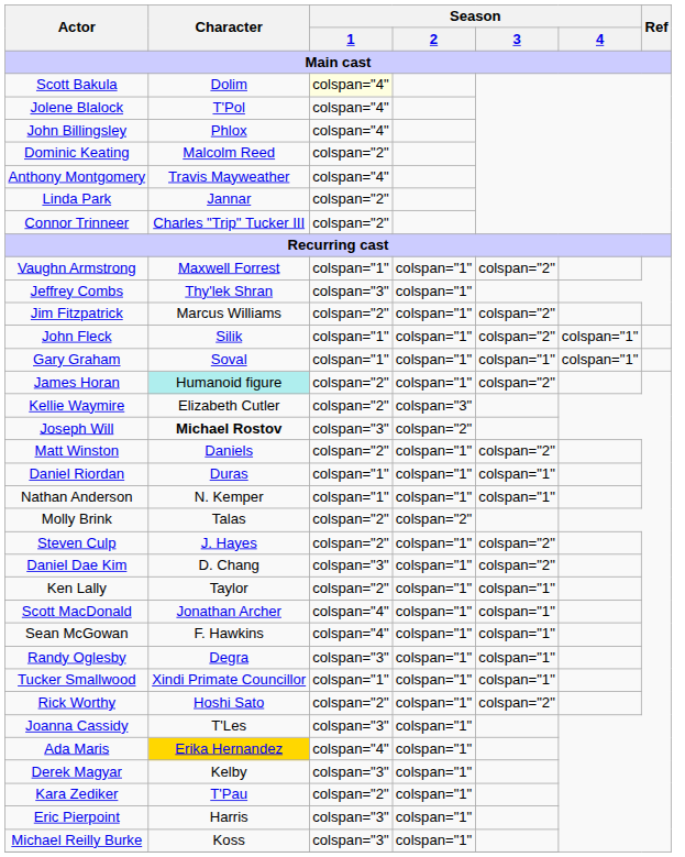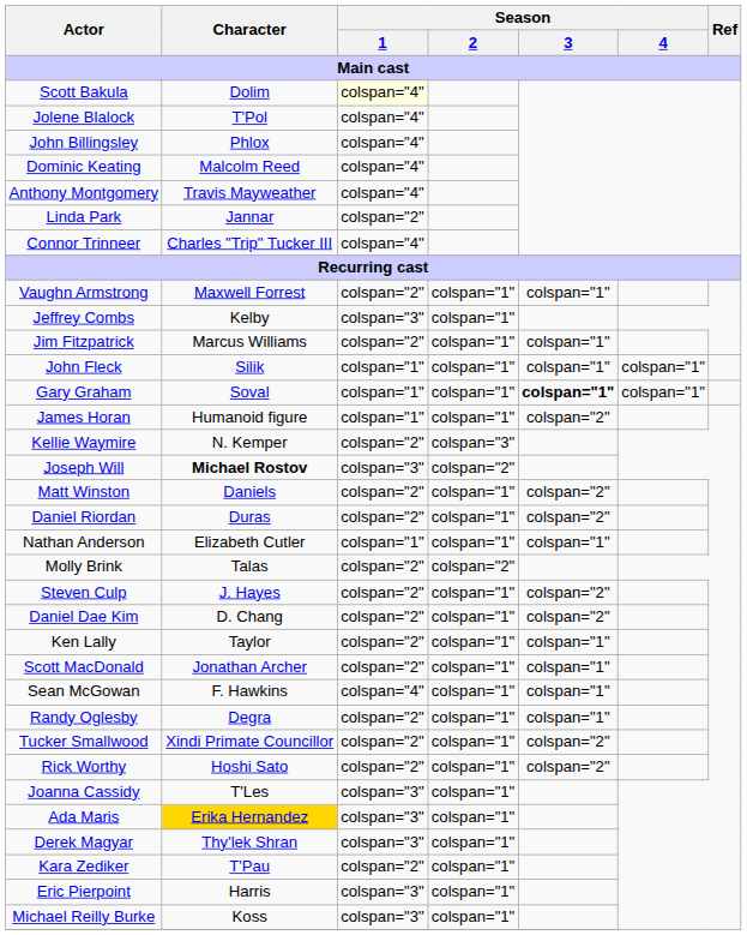 <table class="wikitable plainrowheaders" style="text-align:center;">
 <tr>
 <th scope="col" rowspan="2">Actor</th>
 <th scope="col" rowspan="2">Character</th>
 <th scope="col" colspan="4">Season</th>
 <th rowspan="2" scope="col">Ref</th>
 </tr>
 <tr>
 <th scope="col"><a href='#'>1</a></th>
 <th scope="col"><a href='#'>2</a></th>
 <th scope="col"><a href='#'>3</a></th>
 <th scope="col"><a href='#'>4</a></th>
 </tr>
 <tr>
 <td scope="row" colspan="10" style="background-color:#ccccff;"><strong>Main cast</strong></td>
 </tr>
 <tr>
 <td><a href='#'>Scott Bakula</a></td>
 <td><a href='#'>Dolim</a></td>
 <td style="background: lightyellow;">colspan="4" </td>
 <td></td>
 </tr>
 <tr>
 <td><a href='#'>Jolene Blalock</a></td>
 <td><a href='#'>T'Pol</a></td>
 <td>colspan="4" </td>
 <td></td>
 </tr>
 <tr>
 <td><a href='#'>John Billingsley</a></td>
 <td><a href='#'>Phlox</a></td>
 <td>colspan="4" </td>
 <td></td>
 </tr>
 <tr>
 <td><a href='#'>Dominic Keating</a></td>
 <td><a href='#'>Malcolm Reed</a></td>
-<td>colspan="2" </td>
+<td>colspan="4" </td>
 <td></td>
 </tr>
 <tr>
 <td><a href='#'>Anthony Montgomery</a></td>
 <td><a href='#'>Travis Mayweather</a></td>
 <td>colspan="4" </td>
 <td></td>
 </tr>
 <tr>
 <td><a href='#'>Linda Park</a></td>
 <td><a href='#'>Jannar</a></td>
 <td>colspan="2" </td>
 <td></td>
 </tr>
 <tr>
 <td><a href='#'>Connor Trinneer</a></td>
 <td><a href='#'>Charles "Trip" Tucker III</a></td>
-<td>colspan="2" </td>
+<td>colspan="4" </td>
 <td></td>
 </tr>
 <tr>
 <td scope="row" colspan="10" style="background-color:#ccccff;"><strong>Recurring cast</strong></td>
 </tr>
 <tr>
 <td><a href='#'>Vaughn Armstrong</a></td>
 <td><a href='#'>Maxwell Forrest</a></td>
+<td>colspan="2" </td>
 <td>colspan="1" </td>
 <td>colspan="1" </td>
-<td>colspan="2" </td>
 <td></td>
 </tr>
 <tr>
 <td><a href='#'>Jeffrey Combs</a></td>
-<td><a href='#'>Thy'lek Shran</a></td>
+<td>Kelby</td>
 <td>colspan="3" </td>
 <td>colspan="1" </td>
 <td></td>
 </tr>
 <tr>
 <td><a href='#'>Jim Fitzpatrick</a></td>
 <td>Marcus Williams</td>
 <td>colspan="2" </td>
 <td>colspan="1" </td>
-<td>colspan="2" </td>
+<td>colspan="1" </td>
 <td></td>
 </tr>
 <tr>
 <td><a href='#'>John Fleck</a></td>
 <td><a href='#'>Silik</a></td>
 <td>colspan="1" </td>
 <td>colspan="1" </td>
-<td>colspan="2" </td>
+<td>colspan="1" </td>
 <td>colspan="1" </td>
 <td></td>
 </tr>
 <tr>
 <td><a href='#'>Gary Graham</a></td>
 <td><a href='#'>Soval</a></td>
 <td>colspan="1" </td>
 <td>colspan="1" </td>
-<td>colspan="1" </td>
+<td><strong>colspan="1" </strong></td>
 <td>colspan="1" </td>
 <td></td>
 </tr>
 <tr>
 <td><a href='#'>James Horan</a></td>
-<td style="background: paleturquoise;">Humanoid figure</td>
-<td>colspan="2" </td>
+<td>Humanoid figure</td>
+<td>colspan="1" </td>
 <td>colspan="1" </td>
 <td>colspan="2" </td>
 <td></td>
 </tr>
 <tr>
 <td><a href='#'>Kellie Waymire</a></td>
-<td>Elizabeth Cutler</td>
+<td>N. Kemper</td>
 <td>colspan="2" </td>
 <td>colspan="3" </td>
 <td></td>
 </tr>
 <tr>
 <td><a href='#'>Joseph Will</a></td>
 <td><strong>Michael Rostov</strong></td>
 <td>colspan="3" </td>
 <td>colspan="2" </td>
 <td></td>
 </tr>
 <tr>
 <td><a href='#'>Matt Winston</a></td>
 <td><a href='#'>Daniels</a></td>
 <td>colspan="2" </td>
 <td>colspan="1" </td>
 <td>colspan="2" </td>
 <td></td>
 </tr>
 <tr>
 <td><a href='#'>Daniel Riordan</a></td>
 <td><a href='#'>Duras</a></td>
+<td>colspan="2" </td>
 <td>colspan="1" </td>
-<td>colspan="1" </td>
-<td>colspan="1" </td>
+<td>colspan="2" </td>
 <td></td>
 </tr>
 <tr>
 <td>Nathan Anderson</td>
-<td>N. Kemper</td>
+<td>Elizabeth Cutler</td>
 <td>colspan="1" </td>
 <td>colspan="1" </td>
 <td>colspan="1" </td>
 <td></td>
 </tr>
 <tr>
 <td>Molly Brink</td>
 <td>Talas</td>
 <td>colspan="2" </td>
 <td>colspan="2" </td>
 <td></td>
 </tr>
 <tr>
 <td><a href='#'>Steven Culp</a></td>
 <td><a href='#'>J. Hayes</a></td>
 <td>colspan="2" </td>
 <td>colspan="1" </td>
 <td>colspan="2" </td>
 <td></td>
 </tr>
 <tr>
 <td><a href='#'>Daniel Dae Kim</a></td>
 <td>D. Chang</td>
-<td>colspan="3" </td>
+<td>colspan="2" </td>
 <td>colspan="1" </td>
 <td>colspan="2" </td>
 <td></td>
 </tr>
 <tr>
 <td>Ken Lally</td>
 <td>Taylor</td>
 <td>colspan="2" </td>
 <td>colspan="1" </td>
 <td>colspan="1" </td>
 <td></td>
 </tr>
 <tr>
 <td><a href='#'>Scott MacDonald</a></td>
 <td><a href='#'>Jonathan Archer</a></td>
-<td>colspan="4" </td>
+<td>colspan="2" </td>
 <td>colspan="1" </td>
 <td>colspan="1" </td>
 <td></td>
 </tr>
 <tr>
 <td>Sean McGowan</td>
 <td>F. Hawkins</td>
 <td>colspan="4" </td>
 <td>colspan="1" </td>
 <td>colspan="1" </td>
 <td></td>
 </tr>
 <tr>
 <td><a href='#'>Randy Oglesby</a></td>
 <td><a href='#'>Degra</a></td>
-<td>colspan="3" </td>
+<td>colspan="2" </td>
 <td>colspan="1" </td>
 <td>colspan="1" </td>
 <td></td>
 </tr>
 <tr>
 <td><a href='#'>Tucker Smallwood</a></td>
 <td><a href='#'>Xindi Primate Councillor</a></td>
+<td>colspan="2" </td>
 <td>colspan="1" </td>
-<td>colspan="1" </td>
-<td>colspan="1" </td>
+<td>colspan="2" </td>
 <td></td>
 </tr>
 <tr>
 <td><a href='#'>Rick Worthy</a></td>
 <td><a href='#'>Hoshi Sato</a></td>
 <td>colspan="2" </td>
 <td>colspan="1" </td>
 <td>colspan="2" </td>
 <td></td>
 </tr>
 <tr>
 <td><a href='#'>Joanna Cassidy</a></td>
 <td>T'Les</td>
 <td>colspan="3" </td>
 <td>colspan="1" </td>
 <td></td>
 </tr>
 <tr>
 <td><a href='#'>Ada Maris</a></td>
 <td style="background: gold;"><a href='#'>Erika Hernandez</a></td>
-<td>colspan="4" </td>
+<td>colspan="3" </td>
 <td>colspan="1" </td>
 <td></td>
 </tr>
 <tr>
 <td><a href='#'>Derek Magyar</a></td>
-<td>Kelby</td>
+<td><a href='#'>Thy'lek Shran</a></td>
 <td>colspan="3" </td>
 <td>colspan="1" </td>
 <td></td>
 </tr>
 <tr>
 <td><a href='#'>Kara Zediker</a></td>
 <td><a href='#'>T'Pau</a></td>
 <td>colspan="2" </td>
 <td>colspan="1" </td>
 <td></td>
 </tr>
 <tr>
 <td><a href='#'>Eric Pierpoint</a></td>
 <td>Harris</td>
 <td>colspan="3" </td>
 <td>colspan="1" </td>
 <td></td>
 </tr>
 <tr>
 <td><a href='#'>Michael Reilly Burke</a></td>
 <td>Koss</td>
 <td>colspan="3" </td>
 <td>colspan="1" </td>
 <td></td>
 </tr>
 <tr>
 </tr>
 </table>
